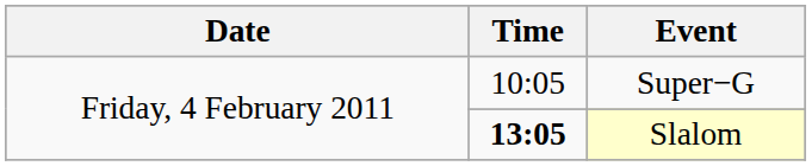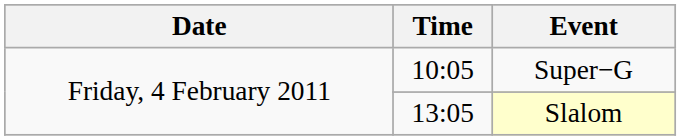 <table class = "wikitable" style="text-align:center;">
 <tr>
 <th width=220>Date</th>
 <th width=50>Time</th>
 <th width=100>Event</th>
 </tr>
 <tr>
 <td rowspan=2>Friday, 4 February 2011</td>
 <td>10:05</td>
 <td>Super−G</td>
 </tr>
 <tr>
-<td><strong>13:05</strong></td>
+<td>13:05</td>
 <td bgcolor=ffffcc>Slalom</td>
 </tr>
 </table>
